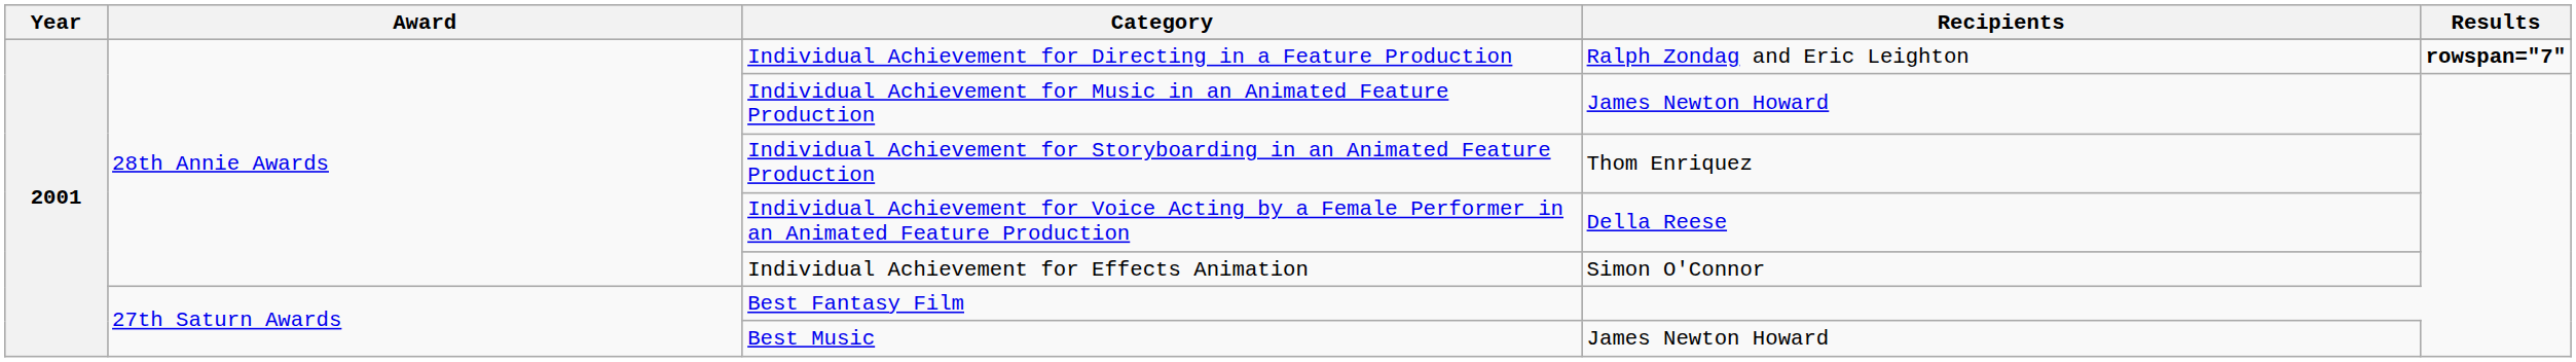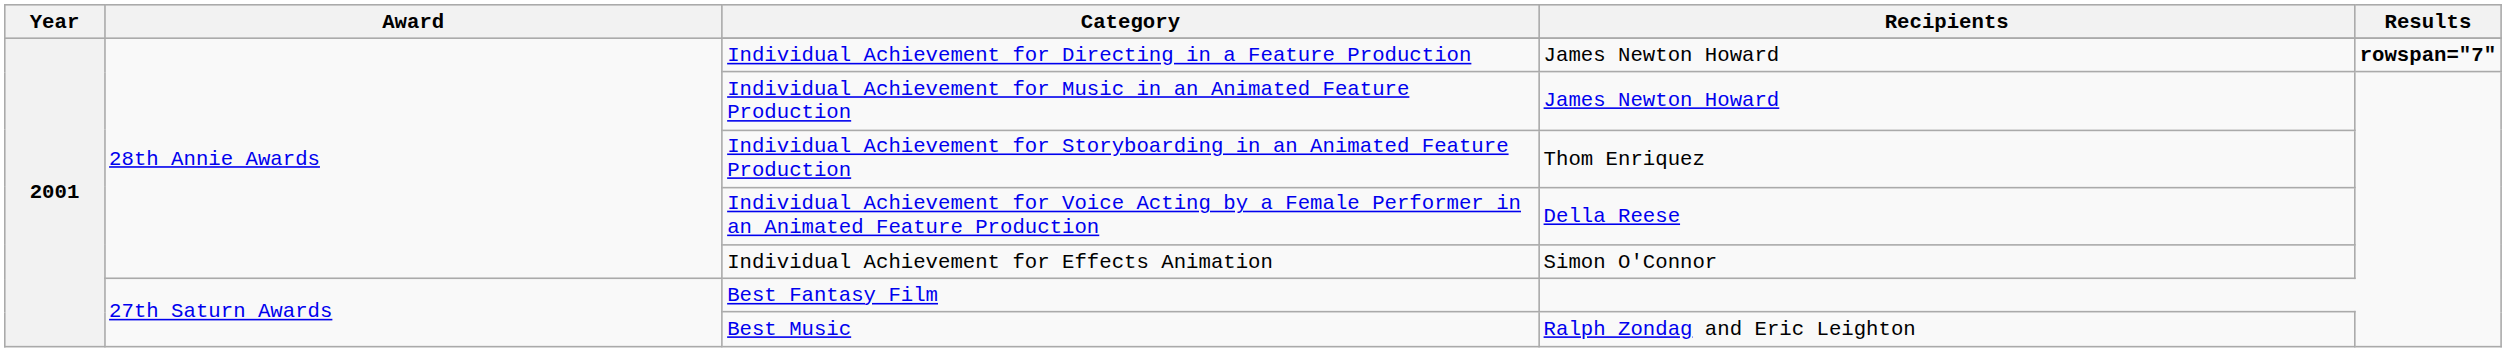 <table class="wikitable plainrowheaders">
 <tr>
 <th scope="col" style="width:4%;">Year</th>
 <th scope="col" style="width:25%;">Award</th>
 <th scope="col" style="width:33%;">Category</th>
 <th scope="col" style="width:33%;">Recipients</th>
 <th scope="col" style="width:5%;">Results</th>
 </tr>
 <tr>
 <th scope="row" rowspan="12" style="text-align:center;">2001</th>
 <td rowspan="6"><a href='#'>28th Annie Awards</a></td>
 </tr>
 <tr>
 <td><a href='#'>Individual Achievement for Directing in a Feature Production</a></td>
-<td><a href='#'>Ralph Zondag</a> and Eric Leighton</td>
+<td>James Newton Howard</td>
 <td><strong>rowspan="7" </strong></td>
 </tr>
 <tr>
 <td><a href='#'>Individual Achievement for Music in an Animated Feature Production</a></td>
 <td><a href='#'>James Newton Howard</a></td>
 </tr>
 <tr>
 <td><a href='#'>Individual Achievement for Storyboarding in an Animated Feature Production</a></td>
 <td>Thom Enriquez</td>
 </tr>
 <tr>
 <td><a href='#'>Individual Achievement for Voice Acting by a Female Performer in an Animated Feature Production</a></td>
 <td><a href='#'>Della Reese</a></td>
 </tr>
 <tr>
 <td>Individual Achievement for Effects Animation</td>
 <td>Simon O'Connor</td>
 </tr>
 <tr>
 <td rowspan="2"><a href='#'>27th Saturn Awards</a></td>
 <td><a href='#'>Best Fantasy Film</a></td>
 </tr>
 <tr>
 <td><a href='#'>Best Music</a></td>
-<td>James Newton Howard</td>
+<td><a href='#'>Ralph Zondag</a> and Eric Leighton</td>
 </tr>
 </table>
